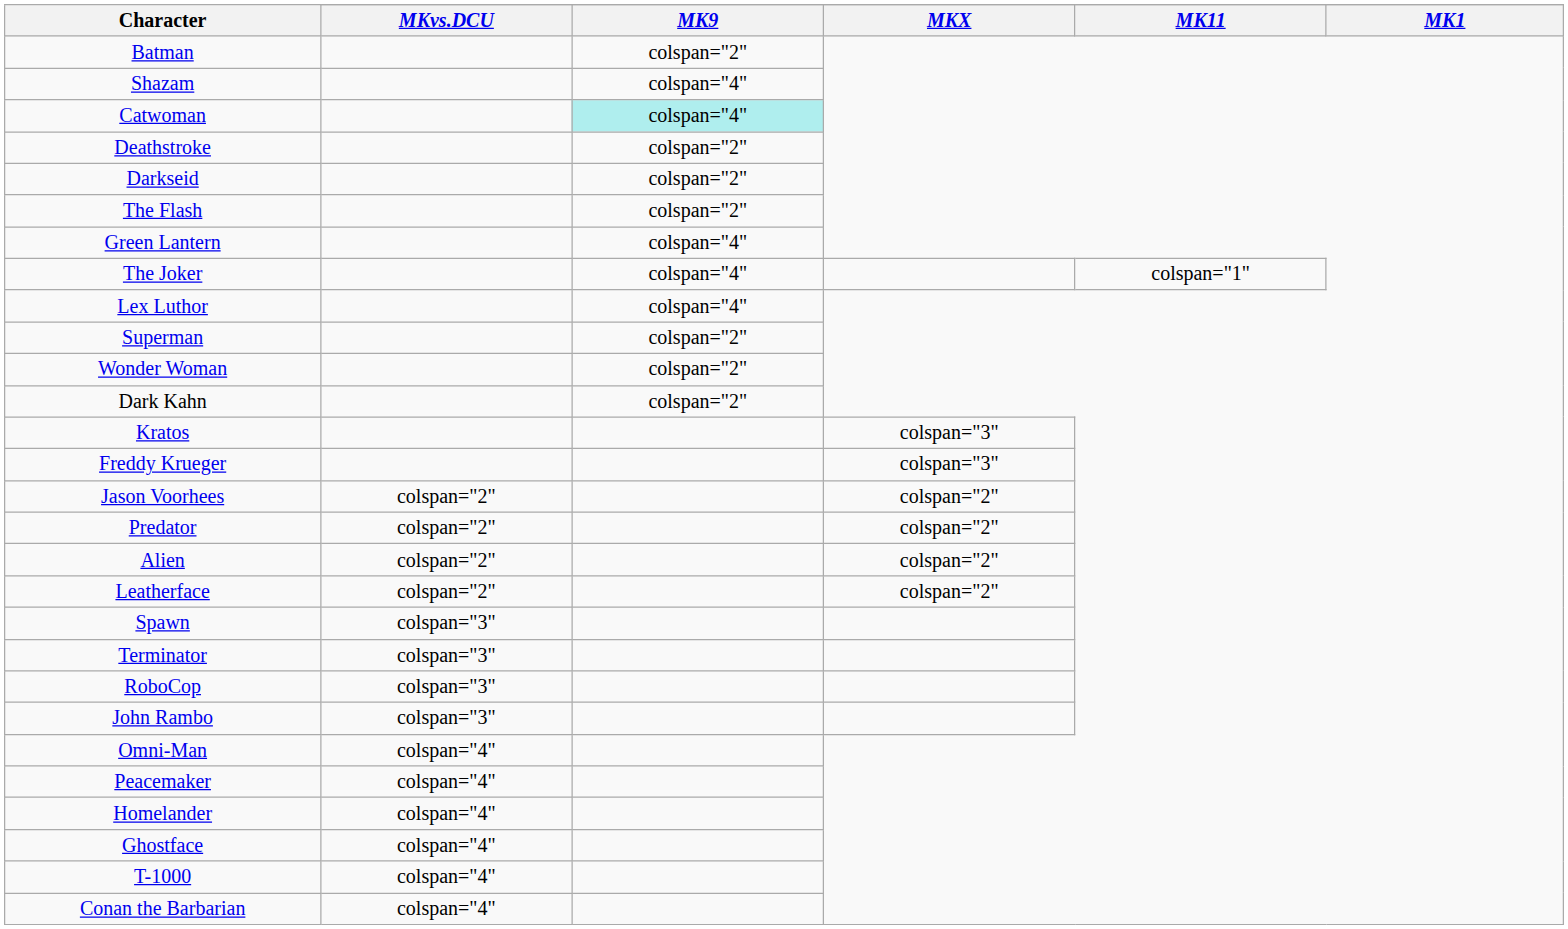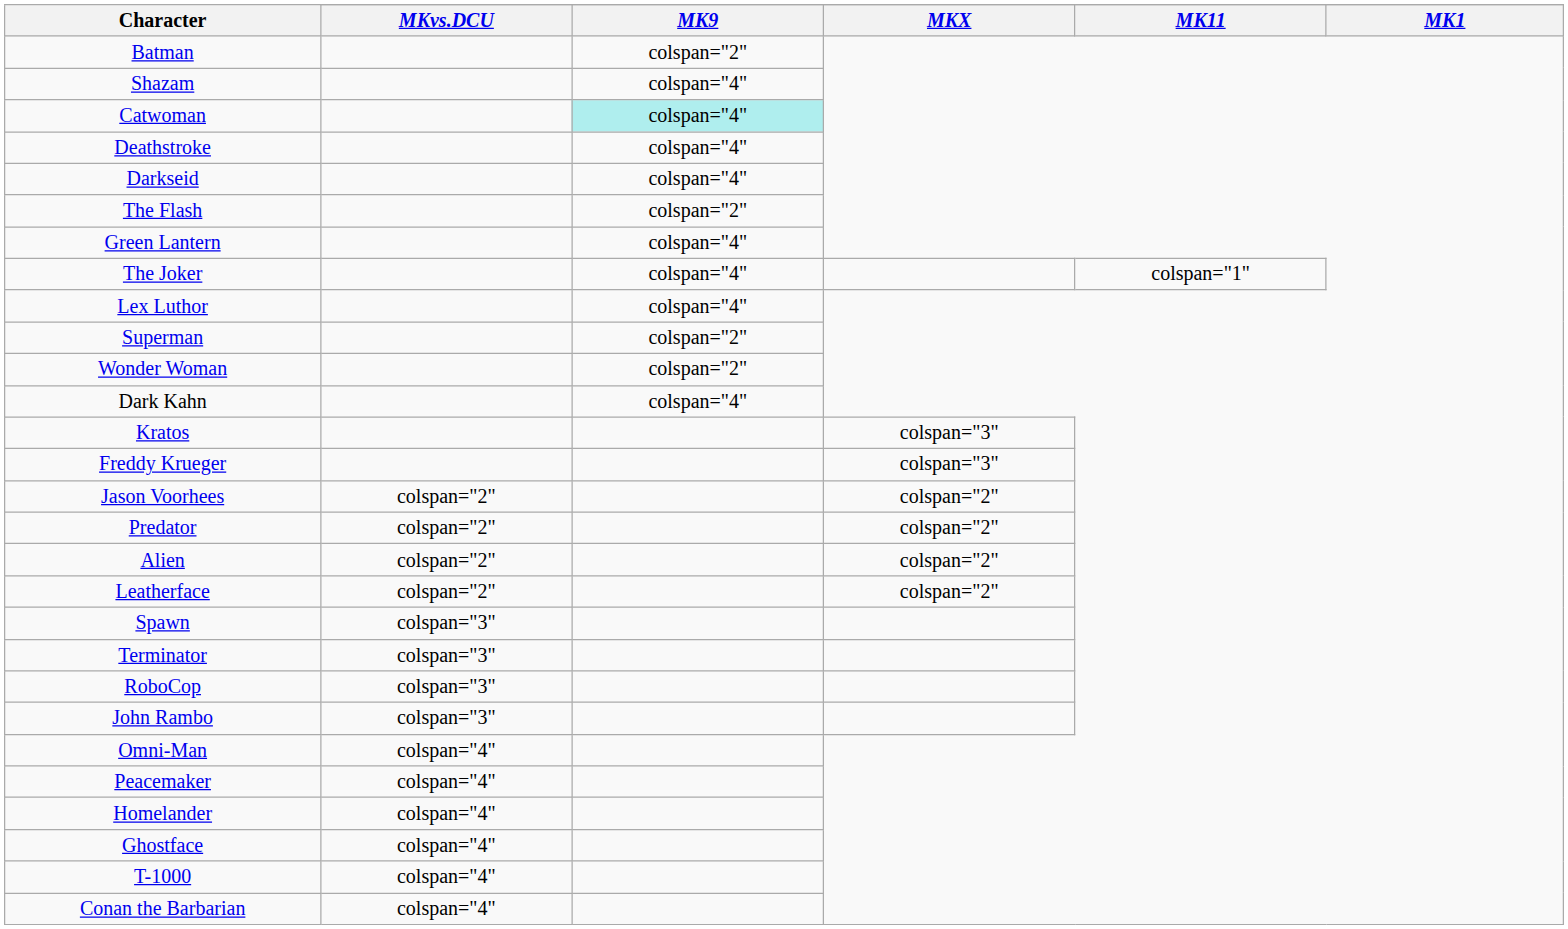 <table class="wikitable sortable plainrowheaders" style="text-align:center;">
 <tr>
 <th rowspan="2" style="width:8%;" scope="col">Character</th>
 </tr>
 <tr>
 <th scope="col" style="width:6%;"><em><a href='#'>MKvs.DCU</a></em></th>
 <th scope="col" style="width:6%;"><em><a href='#'>MK9</a></em></th>
 <th scope="col" style="width:6%;"><em><a href='#'>MKX</a></em></th>
 <th scope="col" style="width:6%;"><em><a href='#'>MK11</a></em></th>
 <th scope="col" style="width:6%;"><em><a href='#'>MK1</a></em></th>
 </tr>
 <tr>
 <td scope="row"><a href='#'>Batman</a></td>
 <td></td>
 <td>colspan="2" </td>
 </tr>
 <tr>
 <td scope="row"><a href='#'>Shazam</a></td>
 <td></td>
 <td>colspan="4" </td>
 </tr>
 <tr>
 <td scope="row"><a href='#'>Catwoman</a></td>
 <td></td>
 <td style="background: paleturquoise;">colspan="4" </td>
 </tr>
 <tr>
 <td scope="row"><a href='#'>Deathstroke</a></td>
 <td></td>
-<td>colspan="2" </td>
+<td>colspan="4" </td>
 </tr>
 <tr>
 <td scope="row"><a href='#'>Darkseid</a></td>
 <td></td>
-<td>colspan="2" </td>
+<td>colspan="4" </td>
 </tr>
 <tr>
 <td scope="row"><a href='#'>The Flash</a></td>
 <td></td>
 <td>colspan="2" </td>
 </tr>
 <tr>
 <td scope="row"><a href='#'>Green Lantern</a></td>
 <td></td>
 <td>colspan="4" </td>
 </tr>
 <tr>
 <td scope="row"><a href='#'>The Joker</a></td>
 <td></td>
 <td>colspan="4" </td>
 <td></td>
 <td>colspan="1" </td>
 </tr>
 <tr>
 <td scope="row"><a href='#'>Lex Luthor</a></td>
 <td></td>
 <td>colspan="4" </td>
 </tr>
 <tr>
 <td scope="row"><a href='#'>Superman</a></td>
 <td></td>
 <td>colspan="2" </td>
 </tr>
 <tr>
 <td scope="row"><a href='#'>Wonder Woman</a></td>
 <td></td>
 <td>colspan="2" </td>
 </tr>
 <tr>
 <td scope="row">Dark Kahn</td>
 <td></td>
-<td>colspan="2" </td>
+<td>colspan="4" </td>
 </tr>
 <tr>
 <td scope="row"><a href='#'>Kratos</a></td>
 <td></td>
 <td></td>
 <td>colspan="3" </td>
 </tr>
 <tr>
 <td scope="row"><a href='#'>Freddy Krueger</a></td>
 <td></td>
 <td></td>
 <td>colspan="3" </td>
 </tr>
 <tr>
 <td scope="row"><a href='#'>Jason Voorhees</a></td>
 <td>colspan="2" </td>
 <td></td>
 <td>colspan="2" </td>
 </tr>
 <tr>
 <td scope="row"><a href='#'>Predator</a></td>
 <td>colspan="2" </td>
 <td></td>
 <td>colspan="2" </td>
 </tr>
 <tr>
 <td scope="row"><a href='#'>Alien</a></td>
 <td>colspan="2" </td>
 <td></td>
 <td>colspan="2" </td>
 </tr>
 <tr>
 <td scope="row"><a href='#'>Leatherface</a></td>
 <td>colspan="2" </td>
 <td></td>
 <td>colspan="2" </td>
 </tr>
 <tr>
 <td scope="row"><a href='#'>Spawn</a></td>
 <td>colspan="3" </td>
 <td></td>
 <td></td>
 </tr>
 <tr>
 <td scope="row"><a href='#'>Terminator</a></td>
 <td>colspan="3" </td>
 <td></td>
 <td></td>
 </tr>
 <tr>
 <td scope="row"><a href='#'>RoboCop</a></td>
 <td>colspan="3" </td>
 <td></td>
 <td></td>
 </tr>
 <tr>
 <td scope="row"><a href='#'>John Rambo</a></td>
 <td>colspan="3" </td>
 <td></td>
 <td></td>
 </tr>
 <tr>
 <td scope="row"><a href='#'>Omni-Man</a></td>
 <td>colspan="4" </td>
 <td></td>
 </tr>
 <tr>
 <td scope="row"><a href='#'>Peacemaker</a></td>
 <td>colspan="4" </td>
 <td></td>
 </tr>
 <tr>
 <td scope="row"><a href='#'>Homelander</a></td>
 <td>colspan="4" </td>
 <td></td>
 </tr>
 <tr>
 <td scope="row"><a href='#'>Ghostface</a></td>
 <td>colspan="4" </td>
 <td></td>
 </tr>
 <tr>
 <td scope="row"><a href='#'>T-1000</a></td>
 <td>colspan="4" </td>
 <td></td>
 </tr>
 <tr>
 <td scope="row"><a href='#'>Conan the Barbarian</a></td>
 <td>colspan="4" </td>
 <td></td>
 </tr>
 </table>
